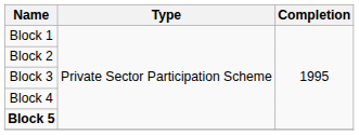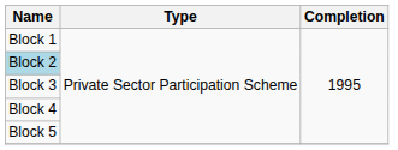 <table class="wikitable" style="text-align: center">
 <tr>
 <th>Name</th>
 <th>Type</th>
 <th>Completion</th>
 </tr>
 <tr>
 <td>Block 1</td>
 <td rowspan="5">Private Sector Participation Scheme</td>
 <td rowspan="5">1995</td>
 </tr>
 <tr>
-<td>Block 2</td>
+<td style="background: lightblue;">Block 2</td>
 </tr>
 <tr>
 <td>Block 3</td>
 </tr>
 <tr>
 <td>Block 4</td>
 </tr>
 <tr>
-<td><strong>Block 5</strong></td>
+<td>Block 5</td>
 </tr>
 <tr>
 </tr>
 </table>
